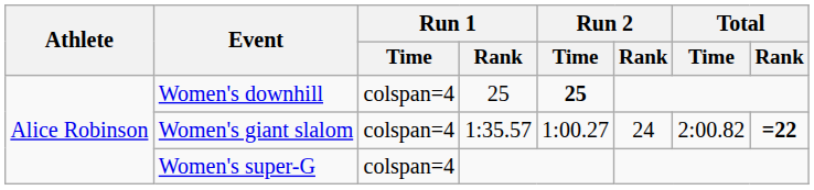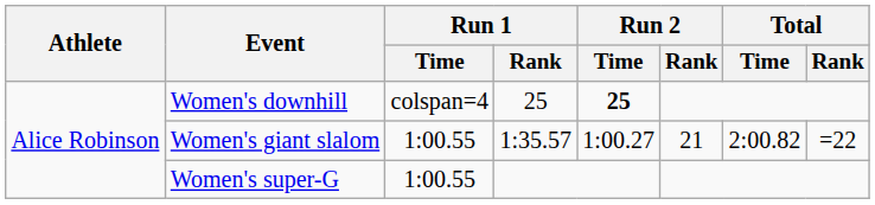 <table class="wikitable" style="font-size:90%;text-align:center;">
 <tr>
 <th rowspan=2>Athlete</th>
 <th rowspan=2>Event</th>
 <th colspan=2>Run 1</th>
 <th colspan=2>Run 2</th>
 <th colspan=2>Total</th>
 </tr>
 <tr style="font-size:95%">
 <th>Time</th>
 <th>Rank</th>
 <th>Time</th>
 <th>Rank</th>
 <th>Time</th>
 <th>Rank</th>
 </tr>
 <tr>
 <td style="text-align:left;" rowspan=3><a href='#'>Alice Robinson</a></td>
 <td style="text-align:left;"><a href='#'>Women's downhill</a></td>
 <td>colspan=4 </td>
 <td>25</td>
 <td><strong>25</strong></td>
 </tr>
 <tr>
 <td style="text-align:left;"><a href='#'>Women's giant slalom</a></td>
-<td>colspan=4 </td>
+<td>1:00.55</td>
 <td>1:35.57</td>
 <td>1:00.27</td>
-<td>24</td>
+<td>21</td>
 <td>2:00.82</td>
-<td><strong>=22</strong></td>
+<td>=22</td>
 </tr>
 <tr>
 <td style="text-align:left;"><a href='#'>Women's super-G</a></td>
-<td>colspan=4 </td>
+<td>1:00.55</td>
 <td colspan=2></td>
 </tr>
 </table>
